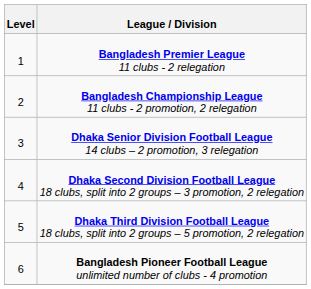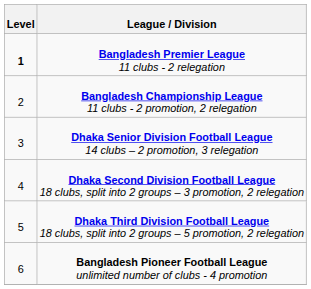 <table class="wikitable" style="text-align:center;">
 <tr>
 <th><br>Level</th>
 <th><br>League / Division</th>
 </tr>
 <tr>
-<td><br>1</td>
+<td><strong><br>1</strong></td>
 <td><br><strong><a href='#'>Bangladesh Premier League</a></strong> <br> <em>11 clubs - 2 relegation</em></td>
 </tr>
 <tr>
 <td><br>2</td>
 <td><br><strong><a href='#'>Bangladesh Championship League</a></strong> <br><em>11 clubs - 2 promotion,  2 relegation</em></td>
 </tr>
 <tr>
 <td><br>3</td>
 <td><br><strong><a href='#'>Dhaka Senior Division Football League</a></strong> <br><em>14 clubs – 2 promotion, 3 relegation</em></td>
 </tr>
 <tr>
 <td><br>4</td>
 <td><br><strong><a href='#'>Dhaka Second Division Football League</a></strong> <br><em>18 clubs, split into 2 groups – 3 promotion, 2 relegation</em></td>
 </tr>
 <tr>
 <td><br>5</td>
 <td><br><strong><a href='#'>Dhaka Third Division Football League</a></strong> <br><em>18 clubs, split into 2 groups – 5 promotion, 2 relegation</em></td>
 </tr>
 <tr>
 <td><br>6</td>
 <td><br><strong>Bangladesh Pioneer Football League</strong> <br><em>unlimited number of clubs - 4 promotion</em></td>
 </tr>
 <tr>
 </tr>
 </table>
